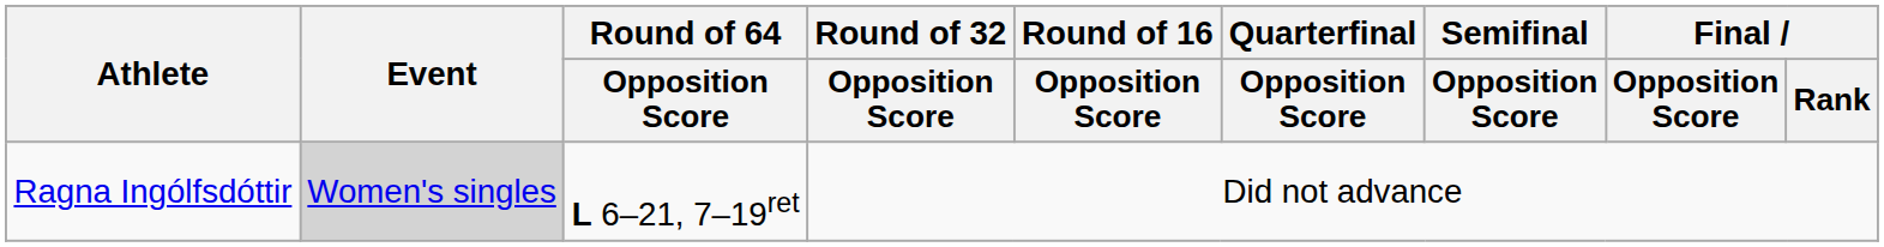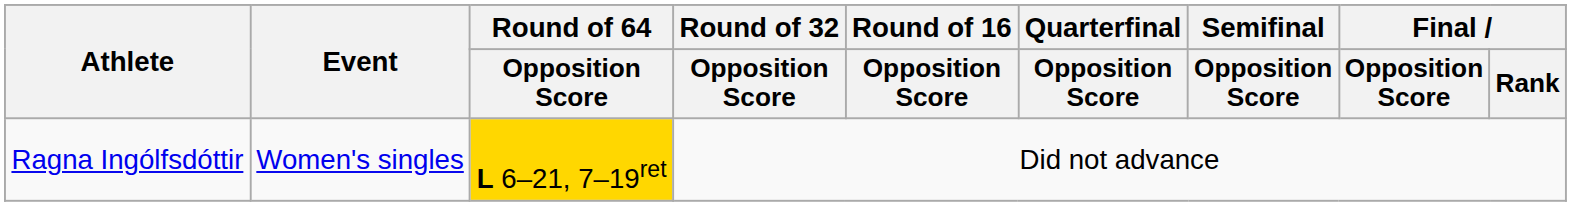 <table class=wikitable style="font-size:90%">
 <tr>
 <th rowspan="2">Athlete</th>
 <th rowspan="2">Event</th>
 <th>Round of 64</th>
 <th>Round of 32</th>
 <th>Round of 16</th>
 <th>Quarterfinal</th>
 <th>Semifinal</th>
 <th colspan=2>Final / </th>
 </tr>
 <tr style="font-size:95%">
 <th>Opposition<br>Score</th>
 <th>Opposition<br>Score</th>
 <th>Opposition<br>Score</th>
 <th>Opposition<br>Score</th>
 <th>Opposition<br>Score</th>
 <th>Opposition<br>Score</th>
 <th>Rank</th>
 </tr>
 <tr align=center>
 <td align=left><a href='#'>Ragna Ingólfsdóttir</a></td>
-<td align=left style="background: lightgrey;"><a href='#'>Women's singles</a></td>
-<td><br><strong>L</strong> 6–21, 7–19<sup>ret</sup></td>
+<td align=left><a href='#'>Women's singles</a></td>
+<td style="background: gold;"><br><strong>L</strong> 6–21, 7–19<sup>ret</sup></td>
 <td colspan=6>Did not advance</td>
 </tr>
 </table>
